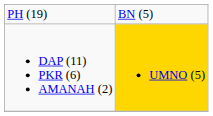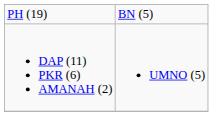 <table class="wikitable">
 <tr>
 <td> <a href='#'>PH</a> (19)</td>
 <td> <a href='#'>BN</a> (5)</td>
 </tr>
 <tr>
 <td><br><ul><li> <a href='#'>DAP</a> (11)</li><li> <a href='#'>PKR</a> (6)</li><li> <a href='#'>AMANAH</a> (2)</li></ul></td>
-<td style="background: gold;"><br><ul><li> <a href='#'>UMNO</a> (5)</li></ul></td>
+<td><br><ul><li> <a href='#'>UMNO</a> (5)</li></ul></td>
 </tr>
 <tr>
 </tr>
 </table>
